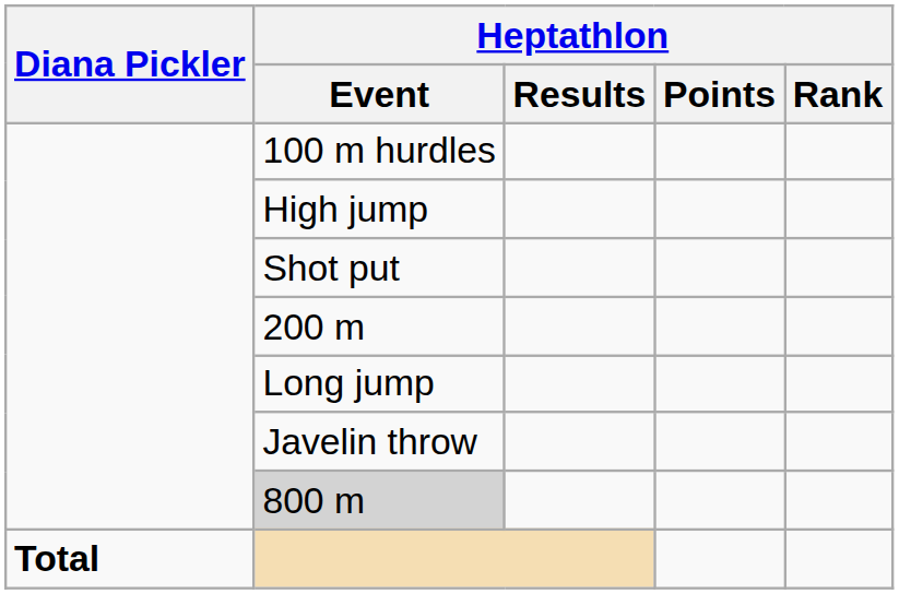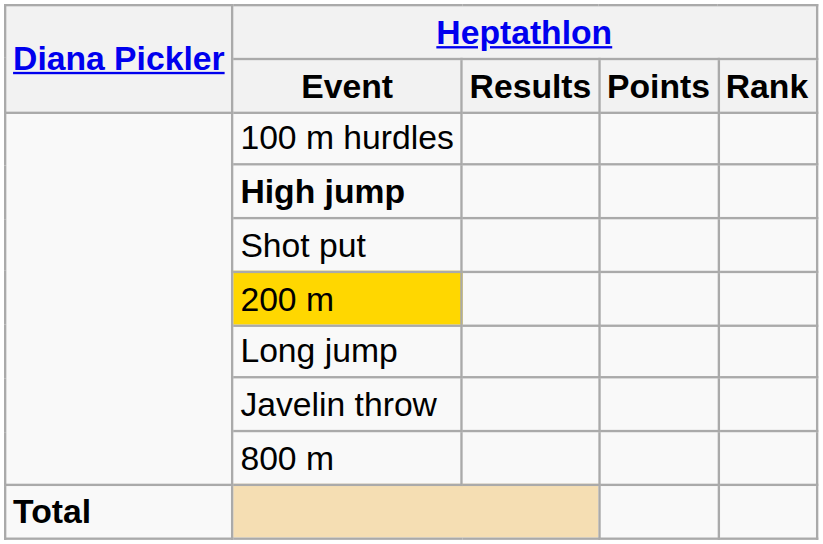 <table class=wikitable style="font-size:90%;">
 <tr>
 <th rowspan="2"><a href='#'>Diana Pickler</a></th>
 <th colspan="4"><a href='#'>Heptathlon</a></th>
 </tr>
 <tr>
 <th>Event</th>
 <th>Results</th>
 <th>Points</th>
 <th>Rank</th>
 </tr>
 <tr style="border-top: single;">
 <td rowspan="7"></td>
 <td>100 m hurdles</td>
 <td align=center></td>
 <td align=center></td>
 <td align=center></td>
 </tr>
 <tr>
-<td>High jump</td>
+<td><strong>High jump</strong></td>
 <td align=center></td>
 <td align=center></td>
 <td align=center></td>
 </tr>
 <tr>
 <td>Shot put</td>
 <td align=center></td>
 <td align=center></td>
 <td align=center></td>
 </tr>
 <tr>
-<td>200 m</td>
+<td style="background: gold;">200 m</td>
 <td align=center></td>
 <td align=center></td>
 <td align=center></td>
 </tr>
 <tr>
 <td>Long jump</td>
 <td align=center></td>
 <td align=center></td>
 <td align=center></td>
 </tr>
 <tr>
 <td>Javelin throw</td>
 <td align=center></td>
 <td align=center></td>
 <td align=center></td>
 </tr>
 <tr>
-<td style="background: lightgrey;">800 m</td>
+<td>800 m</td>
 <td align=center></td>
 <td align=center></td>
 <td align=center></td>
 </tr>
 <tr style="border-top: single;">
 <td><strong>Total</strong></td>
 <td colspan="2" style="background:wheat;"></td>
 <td align=center></td>
 <td align=center></td>
 </tr>
 </table>
